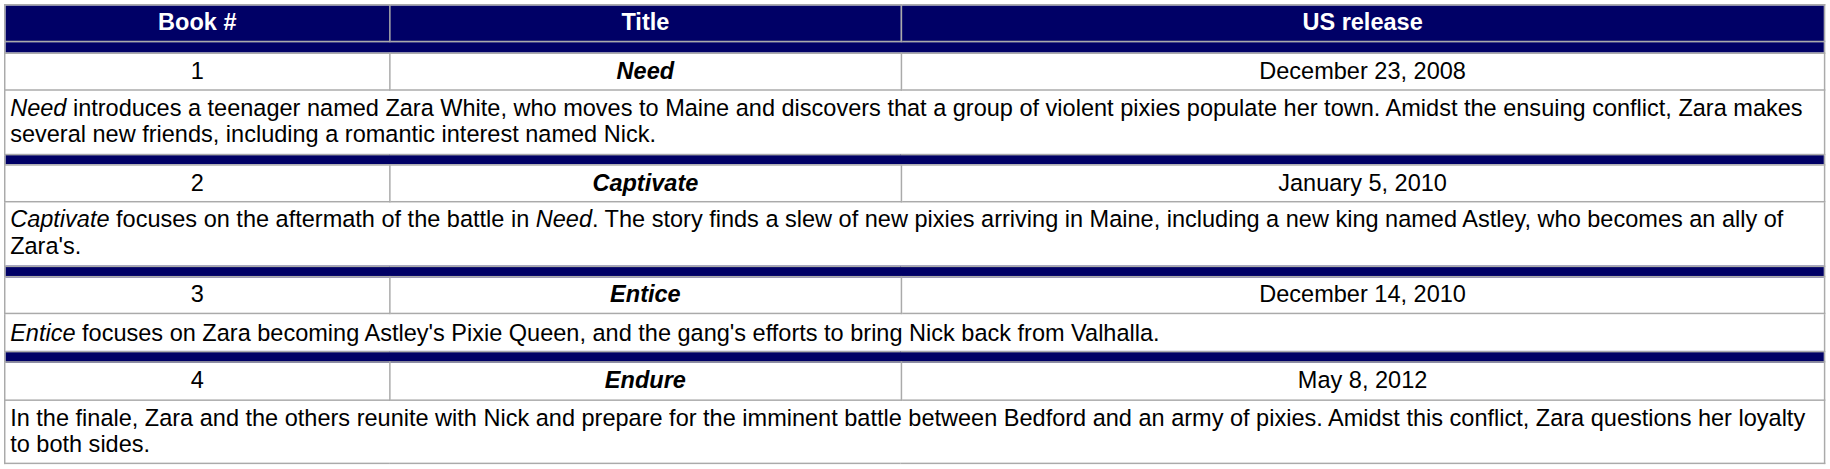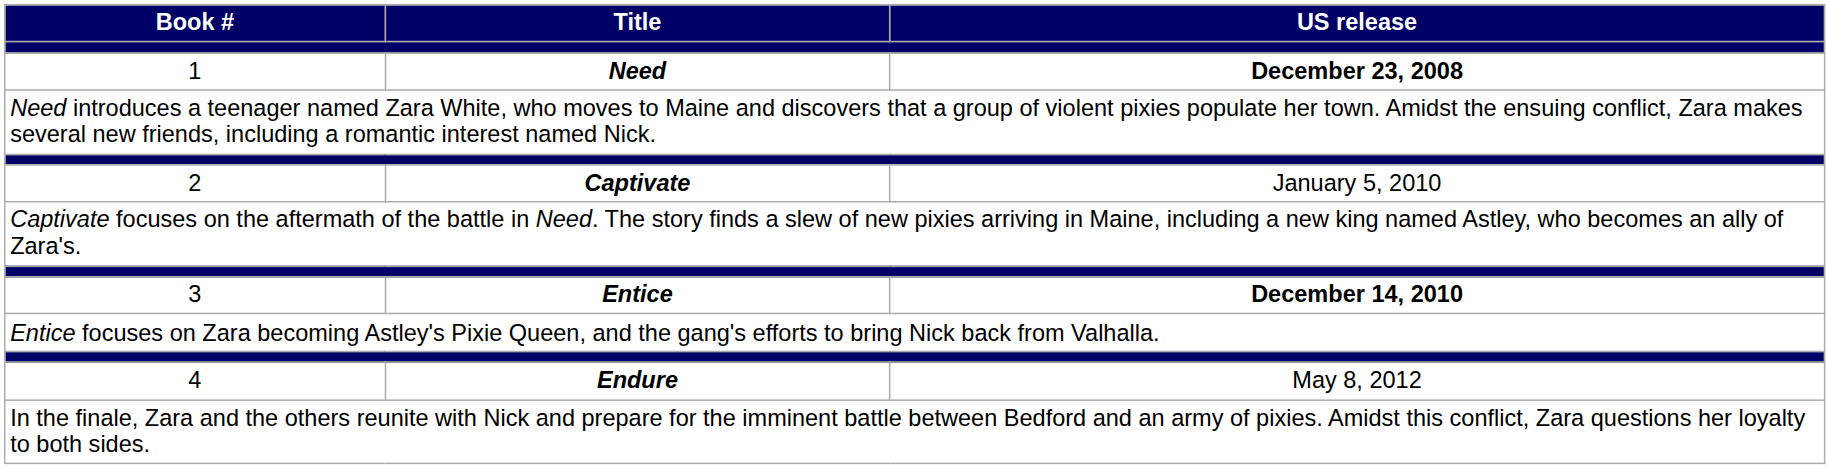 <table class="wikitable" style="width:98%; background-color:#FFFFFF">
 <tr style="color:white">
 <th style="background-color: #000066;">Book #</th>
 <th style="background-color: #000066;">Title</th>
 <th style="background-color: #000066;">US release</th>
 </tr>
 <tr>
 <td colspan="6" bgcolor="#000066"></td>
 </tr>
 <tr>
 <td align="center">1</td>
 <td align="center"><strong><em>Need</em></strong></td>
-<td align="center">December 23, 2008</td>
+<td align="center"><strong>December 23, 2008</strong></td>
 </tr>
 <tr>
 <td colspan="6"><em>Need</em> introduces a teenager named Zara White, who moves to Maine and discovers that a group of violent pixies populate her town. Amidst the ensuing conflict, Zara makes several new friends, including a romantic interest named Nick.</td>
 </tr>
 <tr>
 <td colspan="6" bgcolor="#000066"></td>
 </tr>
 <tr>
 <td align="center">2</td>
 <td align="center"><strong><em>Captivate</em></strong></td>
 <td align="center">January 5, 2010</td>
 </tr>
 <tr>
 <td colspan="6"><em>Captivate</em> focuses on the aftermath of the battle in <em>Need</em>. The story finds a slew of new pixies arriving in Maine, including a new king named Astley, who becomes an ally of Zara's.</td>
 </tr>
 <tr>
 <td colspan="6" bgcolor="#000066"></td>
 </tr>
 <tr>
 <td align="center">3</td>
 <td align="center"><strong><em>Entice</em></strong></td>
-<td align="center">December 14, 2010</td>
+<td align="center"><strong>December 14, 2010</strong></td>
 </tr>
 <tr>
 <td colspan="6"><em>Entice</em> focuses on Zara becoming Astley's Pixie Queen, and the gang's efforts to bring Nick back from Valhalla.</td>
 </tr>
 <tr>
 <td colspan="6" bgcolor="#000066"></td>
 </tr>
 <tr>
 <td align="center">4</td>
 <td align="center"><strong><em>Endure</em></strong></td>
 <td align="center">May 8, 2012</td>
 </tr>
 <tr>
 <td colspan="6">In the finale, Zara and the others reunite with Nick and prepare for the imminent battle between Bedford and an army of pixies. Amidst this conflict, Zara questions her loyalty to both sides.</td>
 </tr>
 </table>
